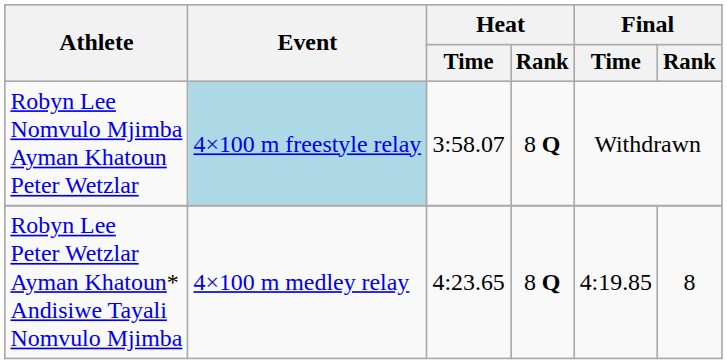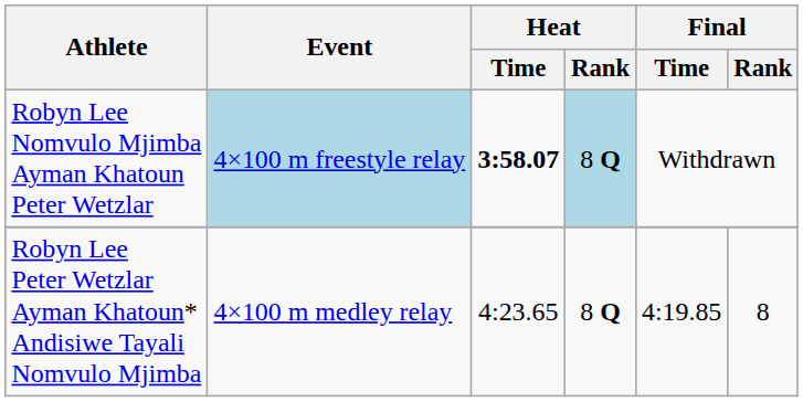 <table class=wikitable style="font-size:90%">
 <tr>
 <th rowspan="2">Athlete</th>
 <th rowspan="2">Event</th>
 <th colspan="2">Heat</th>
 <th colspan="2">Final</th>
 </tr>
 <tr style="font-size:95%">
 <th>Time</th>
 <th>Rank</th>
 <th>Time</th>
 <th>Rank</th>
 </tr>
 <tr align=center>
 <td align=left><a href='#'>Robyn Lee</a><br><a href='#'>Nomvulo Mjimba</a><br><a href='#'>Ayman Khatoun</a><br><a href='#'>Peter Wetzlar</a></td>
 <td align=left style="background: lightblue;"><a href='#'>4×100 m freestyle relay</a></td>
-<td>3:58.07</td>
-<td>8 <strong>Q</strong></td>
+<td><strong>3:58.07</strong></td>
+<td style="background: lightblue;">8 <strong>Q</strong></td>
 <td colspan=2>Withdrawn</td>
 </tr>
 <tr>
 </tr>
 <tr align=center>
 <td align=left><a href='#'>Robyn Lee</a><br><a href='#'>Peter Wetzlar</a><br><a href='#'>Ayman Khatoun</a>*<br><a href='#'>Andisiwe Tayali</a><br><a href='#'>Nomvulo Mjimba</a></td>
 <td align=left><a href='#'>4×100 m medley relay</a></td>
 <td>4:23.65</td>
 <td>8 <strong>Q</strong></td>
 <td>4:19.85</td>
 <td>8</td>
 </tr>
 </table>
